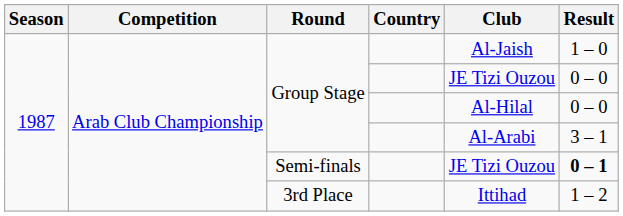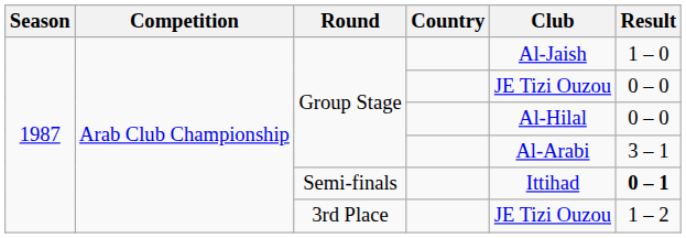 <table class="wikitable" style="text-align: center;">
 <tr>
 <th>Season</th>
 <th>Competition</th>
 <th>Round</th>
 <th>Country</th>
 <th>Club</th>
 <th>Result</th>
 </tr>
 <tr>
 <td rowspan="6"><a href='#'>1987</a></td>
 <td rowspan="6"><a href='#'>Arab Club Championship</a></td>
 <td rowspan="4">Group Stage</td>
 <td></td>
 <td><a href='#'>Al-Jaish</a></td>
 <td>1 – 0</td>
 </tr>
 <tr>
 <td></td>
 <td><a href='#'>JE Tizi Ouzou</a></td>
 <td>0 – 0</td>
 </tr>
 <tr>
 <td></td>
 <td><a href='#'>Al-Hilal</a></td>
 <td>0 – 0</td>
 </tr>
 <tr>
 <td></td>
 <td><a href='#'>Al-Arabi</a></td>
 <td>3 – 1</td>
 </tr>
 <tr>
 <td>Semi-finals</td>
 <td></td>
-<td><a href='#'>JE Tizi Ouzou</a></td>
+<td><a href='#'>Ittihad</a></td>
 <td><strong>0 – 1</strong></td>
 </tr>
 <tr>
 <td>3rd Place</td>
 <td></td>
-<td><a href='#'>Ittihad</a></td>
+<td><a href='#'>JE Tizi Ouzou</a></td>
 <td>1 – 2</td>
 </tr>
 </table>
